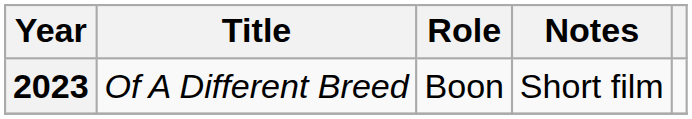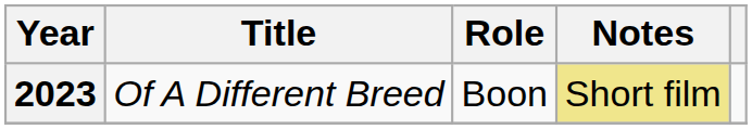 <table class="wikitable sortable plainrowheaders">
 <tr>
 <th scope="col">Year</th>
 <th scope="col">Title</th>
 <th scope="col">Role</th>
 <th scope="col" class="unsortable">Notes</th>
 <th scope="col" class="unsortable"></th>
 </tr>
 <tr>
 <th scope="row">2023</th>
 <td><em>Of A Different Breed</em></td>
 <td>Boon</td>
-<td>Short film</td>
+<td style="background: khaki;">Short film</td>
 <td></td>
 </tr>
 <tr>
 </tr>
 </table>
